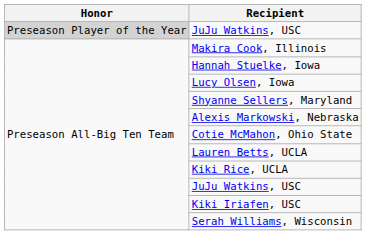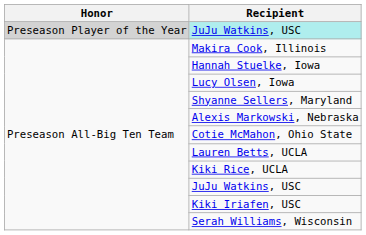 <table class="wikitable" border="1">
 <tr>
 <th>Honor</th>
 <th>Recipient</th>
 </tr>
 <tr>
 <td style="background: lightgrey;">Preseason Player of the Year</td>
-<td><a href='#'>JuJu Watkins</a>, USC</td>
+<td style="background: paleturquoise;"><a href='#'>JuJu Watkins</a>, USC</td>
 </tr>
 <tr>
 <td rowspan="11" valign="middle">Preseason All-Big Ten Team</td>
 <td><a href='#'>Makira Cook</a>, Illinois</td>
 </tr>
 <tr>
 <td><a href='#'>Hannah Stuelke</a>, Iowa</td>
 </tr>
 <tr>
 <td><a href='#'>Lucy Olsen</a>, Iowa</td>
 </tr>
 <tr>
 <td><a href='#'>Shyanne Sellers</a>, Maryland</td>
 </tr>
 <tr>
 <td><a href='#'>Alexis Markowski</a>, Nebraska</td>
 </tr>
 <tr>
 <td><a href='#'>Cotie McMahon</a>, Ohio State</td>
 </tr>
 <tr>
 <td><a href='#'>Lauren Betts</a>, UCLA</td>
 </tr>
 <tr>
 <td><a href='#'>Kiki Rice</a>, UCLA</td>
 </tr>
 <tr>
 <td><a href='#'>JuJu Watkins</a>, USC</td>
 </tr>
 <tr>
 <td><a href='#'>Kiki Iriafen</a>, USC</td>
 </tr>
 <tr>
 <td><a href='#'>Serah Williams</a>, Wisconsin</td>
 </tr>
 </table>
